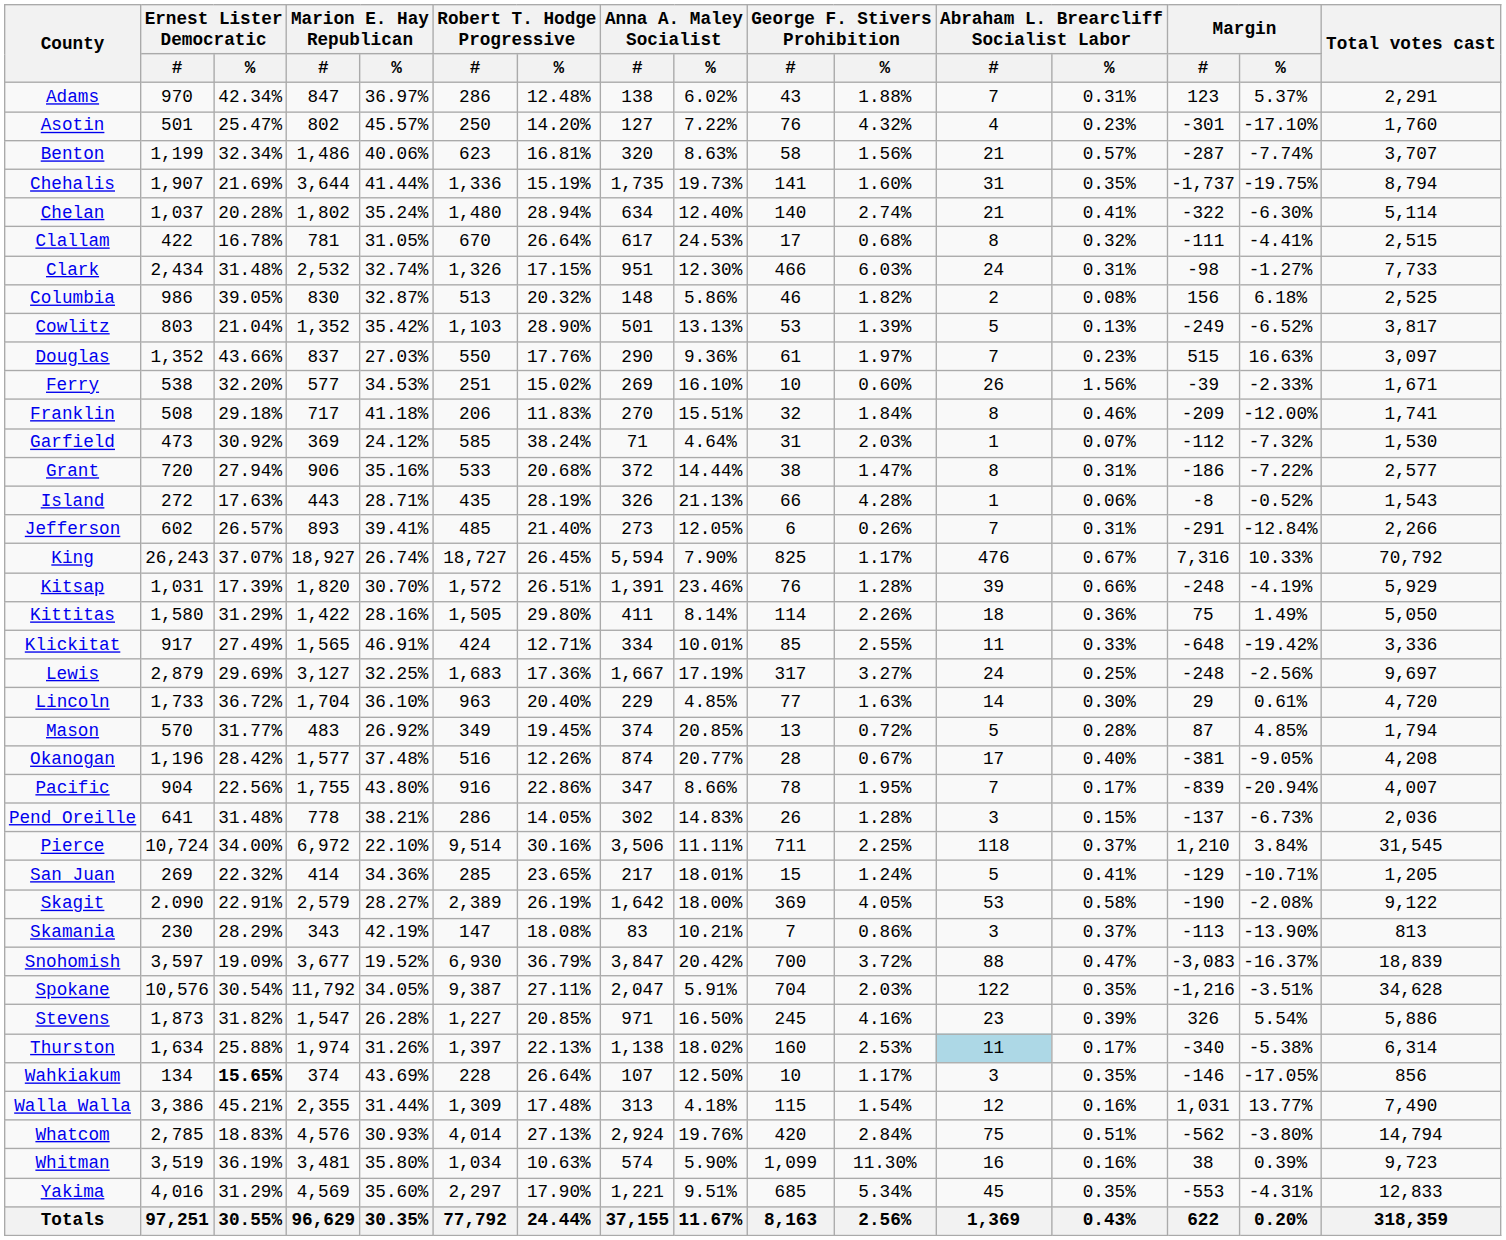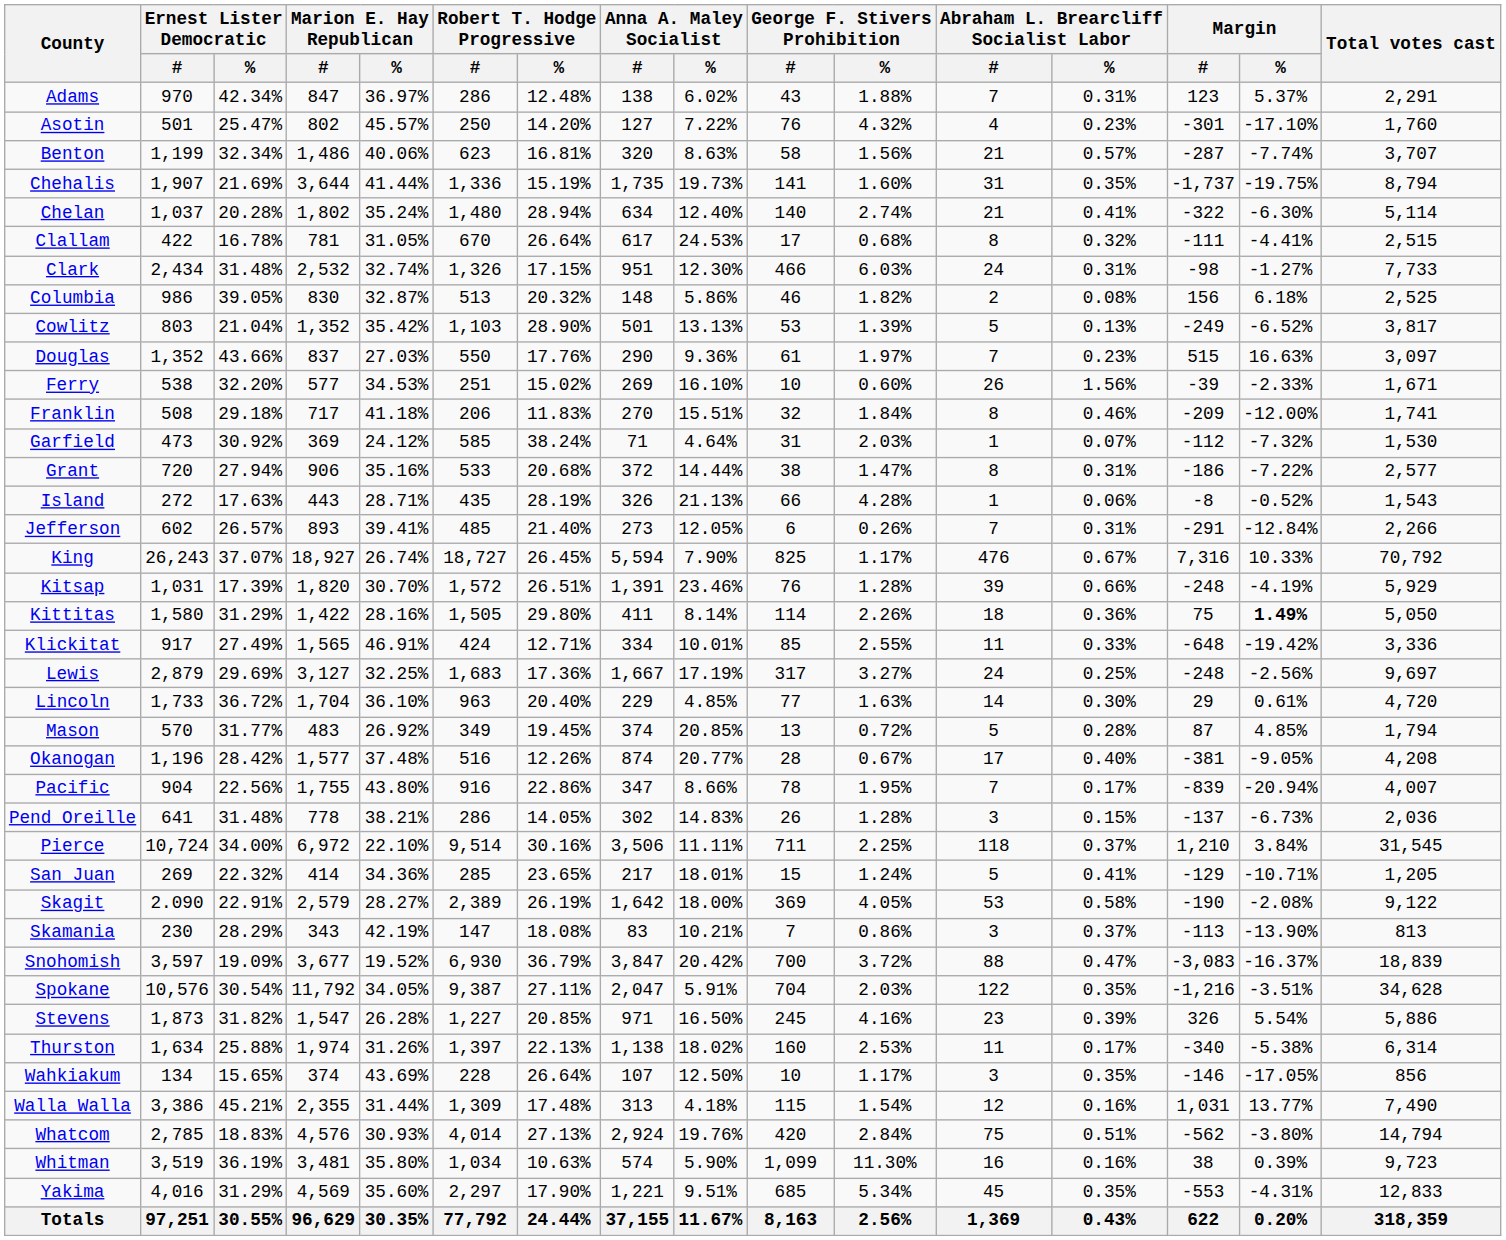 <table class="wikitable sortable">
 <tr>
 <th style="text-align:center;" rowspan="2">County</th>
 <th style="text-align:center;" colspan="2">Ernest Lister<br>Democratic</th>
 <th style="text-align:center;" colspan="2">Marion E. Hay<br>Republican</th>
 <th style="text-align:center;" colspan="2">Robert T. Hodge<br>Progressive</th>
 <th style="text-align:center;" colspan="2">Anna A. Maley<br>Socialist</th>
 <th style="text-align:center;" colspan="2">George F. Stivers<br>Prohibition</th>
 <th style="text-align:center;" colspan="2">Abraham L. Brearcliff<br>Socialist Labor</th>
 <th style="text-align:center;" colspan="2">Margin</th>
 <th style="text-align:center;" rowspan="2">Total votes cast</th>
 </tr>
 <tr bgcolor="lightgrey">
 <th style="text-align:center;" data-sort-type="number">#</th>
 <th style="text-align:center;" data-sort-type="number">%</th>
 <th style="text-align:center;" data-sort-type="number">#</th>
 <th style="text-align:center;" data-sort-type="number">%</th>
 <th style="text-align:center;" data-sort-type="number">#</th>
 <th style="text-align:center;" data-sort-type="number">%</th>
 <th style="text-align:center;" data-sort-type="number">#</th>
 <th style="text-align:center;" data-sort-type="number">%</th>
 <th style="text-align:center;" data-sort-type="number">#</th>
 <th style="text-align:center;" data-sort-type="number">%</th>
 <th style="text-align:center;" data-sort-type="number">#</th>
 <th style="text-align:center;" data-sort-type="number">%</th>
 <th style="text-align:center;" data-sort-type="number">#</th>
 <th style="text-align:center;" data-sort-type="number">%</th>
 </tr>
 <tr style="text-align:center;">
 <td><a href='#'>Adams</a></td>
 <td>970</td>
 <td>42.34%</td>
 <td>847</td>
 <td>36.97%</td>
 <td>286</td>
 <td>12.48%</td>
 <td>138</td>
 <td>6.02%</td>
 <td>43</td>
 <td>1.88%</td>
 <td>7</td>
 <td>0.31%</td>
 <td>123</td>
 <td>5.37%</td>
 <td>2,291</td>
 </tr>
 <tr style="text-align:center;">
 <td><a href='#'>Asotin</a></td>
 <td>501</td>
 <td>25.47%</td>
 <td>802</td>
 <td>45.57%</td>
 <td>250</td>
 <td>14.20%</td>
 <td>127</td>
 <td>7.22%</td>
 <td>76</td>
 <td>4.32%</td>
 <td>4</td>
 <td>0.23%</td>
 <td>-301</td>
 <td>-17.10%</td>
 <td>1,760</td>
 </tr>
 <tr style="text-align:center;">
 <td><a href='#'>Benton</a></td>
 <td>1,199</td>
 <td>32.34%</td>
 <td>1,486</td>
 <td>40.06%</td>
 <td>623</td>
 <td>16.81%</td>
 <td>320</td>
 <td>8.63%</td>
 <td>58</td>
 <td>1.56%</td>
 <td>21</td>
 <td>0.57%</td>
 <td>-287</td>
 <td>-7.74%</td>
 <td>3,707</td>
 </tr>
 <tr style="text-align:center;">
 <td><a href='#'>Chehalis</a></td>
 <td>1,907</td>
 <td>21.69%</td>
 <td>3,644</td>
 <td>41.44%</td>
 <td>1,336</td>
 <td>15.19%</td>
 <td>1,735</td>
 <td>19.73%</td>
 <td>141</td>
 <td>1.60%</td>
 <td>31</td>
 <td>0.35%</td>
 <td>-1,737</td>
 <td>-19.75%</td>
 <td>8,794</td>
 </tr>
 <tr style="text-align:center;">
 <td><a href='#'>Chelan</a></td>
 <td>1,037</td>
 <td>20.28%</td>
 <td>1,802</td>
 <td>35.24%</td>
 <td>1,480</td>
 <td>28.94%</td>
 <td>634</td>
 <td>12.40%</td>
 <td>140</td>
 <td>2.74%</td>
 <td>21</td>
 <td>0.41%</td>
 <td>-322</td>
 <td>-6.30%</td>
 <td>5,114</td>
 </tr>
 <tr style="text-align:center;">
 <td><a href='#'>Clallam</a></td>
 <td>422</td>
 <td>16.78%</td>
 <td>781</td>
 <td>31.05%</td>
 <td>670</td>
 <td>26.64%</td>
 <td>617</td>
 <td>24.53%</td>
 <td>17</td>
 <td>0.68%</td>
 <td>8</td>
 <td>0.32%</td>
 <td>-111</td>
 <td>-4.41%</td>
 <td>2,515</td>
 </tr>
 <tr style="text-align:center;">
 <td><a href='#'>Clark</a></td>
 <td>2,434</td>
 <td>31.48%</td>
 <td>2,532</td>
 <td>32.74%</td>
 <td>1,326</td>
 <td>17.15%</td>
 <td>951</td>
 <td>12.30%</td>
 <td>466</td>
 <td>6.03%</td>
 <td>24</td>
 <td>0.31%</td>
 <td>-98</td>
 <td>-1.27%</td>
 <td>7,733</td>
 </tr>
 <tr style="text-align:center;">
 <td><a href='#'>Columbia</a></td>
 <td>986</td>
 <td>39.05%</td>
 <td>830</td>
 <td>32.87%</td>
 <td>513</td>
 <td>20.32%</td>
 <td>148</td>
 <td>5.86%</td>
 <td>46</td>
 <td>1.82%</td>
 <td>2</td>
 <td>0.08%</td>
 <td>156</td>
 <td>6.18%</td>
 <td>2,525</td>
 </tr>
 <tr style="text-align:center;">
 <td><a href='#'>Cowlitz</a></td>
 <td>803</td>
 <td>21.04%</td>
 <td>1,352</td>
 <td>35.42%</td>
 <td>1,103</td>
 <td>28.90%</td>
 <td>501</td>
 <td>13.13%</td>
 <td>53</td>
 <td>1.39%</td>
 <td>5</td>
 <td>0.13%</td>
 <td>-249</td>
 <td>-6.52%</td>
 <td>3,817</td>
 </tr>
 <tr style="text-align:center;">
 <td><a href='#'>Douglas</a></td>
 <td>1,352</td>
 <td>43.66%</td>
 <td>837</td>
 <td>27.03%</td>
 <td>550</td>
 <td>17.76%</td>
 <td>290</td>
 <td>9.36%</td>
 <td>61</td>
 <td>1.97%</td>
 <td>7</td>
 <td>0.23%</td>
 <td>515</td>
 <td>16.63%</td>
 <td>3,097</td>
 </tr>
 <tr style="text-align:center;">
 <td><a href='#'>Ferry</a></td>
 <td>538</td>
 <td>32.20%</td>
 <td>577</td>
 <td>34.53%</td>
 <td>251</td>
 <td>15.02%</td>
 <td>269</td>
 <td>16.10%</td>
 <td>10</td>
 <td>0.60%</td>
 <td>26</td>
 <td>1.56%</td>
 <td>-39</td>
 <td>-2.33%</td>
 <td>1,671</td>
 </tr>
 <tr style="text-align:center;">
 <td><a href='#'>Franklin</a></td>
 <td>508</td>
 <td>29.18%</td>
 <td>717</td>
 <td>41.18%</td>
 <td>206</td>
 <td>11.83%</td>
 <td>270</td>
 <td>15.51%</td>
 <td>32</td>
 <td>1.84%</td>
 <td>8</td>
 <td>0.46%</td>
 <td>-209</td>
 <td>-12.00%</td>
 <td>1,741</td>
 </tr>
 <tr style="text-align:center;">
 <td><a href='#'>Garfield</a></td>
 <td>473</td>
 <td>30.92%</td>
 <td>369</td>
 <td>24.12%</td>
 <td>585</td>
 <td>38.24%</td>
 <td>71</td>
 <td>4.64%</td>
 <td>31</td>
 <td>2.03%</td>
 <td>1</td>
 <td>0.07%</td>
 <td>-112</td>
 <td>-7.32%</td>
 <td>1,530</td>
 </tr>
 <tr style="text-align:center;">
 <td><a href='#'>Grant</a></td>
 <td>720</td>
 <td>27.94%</td>
 <td>906</td>
 <td>35.16%</td>
 <td>533</td>
 <td>20.68%</td>
 <td>372</td>
 <td>14.44%</td>
 <td>38</td>
 <td>1.47%</td>
 <td>8</td>
 <td>0.31%</td>
 <td>-186</td>
 <td>-7.22%</td>
 <td>2,577</td>
 </tr>
 <tr style="text-align:center;">
 <td><a href='#'>Island</a></td>
 <td>272</td>
 <td>17.63%</td>
 <td>443</td>
 <td>28.71%</td>
 <td>435</td>
 <td>28.19%</td>
 <td>326</td>
 <td>21.13%</td>
 <td>66</td>
 <td>4.28%</td>
 <td>1</td>
 <td>0.06%</td>
 <td>-8</td>
 <td>-0.52%</td>
 <td>1,543</td>
 </tr>
 <tr style="text-align:center;">
 <td><a href='#'>Jefferson</a></td>
 <td>602</td>
 <td>26.57%</td>
 <td>893</td>
 <td>39.41%</td>
 <td>485</td>
 <td>21.40%</td>
 <td>273</td>
 <td>12.05%</td>
 <td>6</td>
 <td>0.26%</td>
 <td>7</td>
 <td>0.31%</td>
 <td>-291</td>
 <td>-12.84%</td>
 <td>2,266</td>
 </tr>
 <tr style="text-align:center;">
 <td><a href='#'>King</a></td>
 <td>26,243</td>
 <td>37.07%</td>
 <td>18,927</td>
 <td>26.74%</td>
 <td>18,727</td>
 <td>26.45%</td>
 <td>5,594</td>
 <td>7.90%</td>
 <td>825</td>
 <td>1.17%</td>
 <td>476</td>
 <td>0.67%</td>
 <td>7,316</td>
 <td>10.33%</td>
 <td>70,792</td>
 </tr>
 <tr style="text-align:center;">
 <td><a href='#'>Kitsap</a></td>
 <td>1,031</td>
 <td>17.39%</td>
 <td>1,820</td>
 <td>30.70%</td>
 <td>1,572</td>
 <td>26.51%</td>
 <td>1,391</td>
 <td>23.46%</td>
 <td>76</td>
 <td>1.28%</td>
 <td>39</td>
 <td>0.66%</td>
 <td>-248</td>
 <td>-4.19%</td>
 <td>5,929</td>
 </tr>
 <tr style="text-align:center;">
 <td><a href='#'>Kittitas</a></td>
 <td>1,580</td>
 <td>31.29%</td>
 <td>1,422</td>
 <td>28.16%</td>
 <td>1,505</td>
 <td>29.80%</td>
 <td>411</td>
 <td>8.14%</td>
 <td>114</td>
 <td>2.26%</td>
 <td>18</td>
 <td>0.36%</td>
 <td>75</td>
-<td>1.49%</td>
+<td><strong>1.49%</strong></td>
 <td>5,050</td>
 </tr>
 <tr style="text-align:center;">
 <td><a href='#'>Klickitat</a></td>
 <td>917</td>
 <td>27.49%</td>
 <td>1,565</td>
 <td>46.91%</td>
 <td>424</td>
 <td>12.71%</td>
 <td>334</td>
 <td>10.01%</td>
 <td>85</td>
 <td>2.55%</td>
 <td>11</td>
 <td>0.33%</td>
 <td>-648</td>
 <td>-19.42%</td>
 <td>3,336</td>
 </tr>
 <tr style="text-align:center;">
 <td><a href='#'>Lewis</a></td>
 <td>2,879</td>
 <td>29.69%</td>
 <td>3,127</td>
 <td>32.25%</td>
 <td>1,683</td>
 <td>17.36%</td>
 <td>1,667</td>
 <td>17.19%</td>
 <td>317</td>
 <td>3.27%</td>
 <td>24</td>
 <td>0.25%</td>
 <td>-248</td>
 <td>-2.56%</td>
 <td>9,697</td>
 </tr>
 <tr style="text-align:center;">
 <td><a href='#'>Lincoln</a></td>
 <td>1,733</td>
 <td>36.72%</td>
 <td>1,704</td>
 <td>36.10%</td>
 <td>963</td>
 <td>20.40%</td>
 <td>229</td>
 <td>4.85%</td>
 <td>77</td>
 <td>1.63%</td>
 <td>14</td>
 <td>0.30%</td>
 <td>29</td>
 <td>0.61%</td>
 <td>4,720</td>
 </tr>
 <tr style="text-align:center;">
 <td><a href='#'>Mason</a></td>
 <td>570</td>
 <td>31.77%</td>
 <td>483</td>
 <td>26.92%</td>
 <td>349</td>
 <td>19.45%</td>
 <td>374</td>
 <td>20.85%</td>
 <td>13</td>
 <td>0.72%</td>
 <td>5</td>
 <td>0.28%</td>
 <td>87</td>
 <td>4.85%</td>
 <td>1,794</td>
 </tr>
 <tr style="text-align:center;">
 <td><a href='#'>Okanogan</a></td>
 <td>1,196</td>
 <td>28.42%</td>
 <td>1,577</td>
 <td>37.48%</td>
 <td>516</td>
 <td>12.26%</td>
 <td>874</td>
 <td>20.77%</td>
 <td>28</td>
 <td>0.67%</td>
 <td>17</td>
 <td>0.40%</td>
 <td>-381</td>
 <td>-9.05%</td>
 <td>4,208</td>
 </tr>
 <tr style="text-align:center;">
 <td><a href='#'>Pacific</a></td>
 <td>904</td>
 <td>22.56%</td>
 <td>1,755</td>
 <td>43.80%</td>
 <td>916</td>
 <td>22.86%</td>
 <td>347</td>
 <td>8.66%</td>
 <td>78</td>
 <td>1.95%</td>
 <td>7</td>
 <td>0.17%</td>
 <td>-839</td>
 <td>-20.94%</td>
 <td>4,007</td>
 </tr>
 <tr style="text-align:center;">
 <td><a href='#'>Pend Oreille</a></td>
 <td>641</td>
 <td>31.48%</td>
 <td>778</td>
 <td>38.21%</td>
 <td>286</td>
 <td>14.05%</td>
 <td>302</td>
 <td>14.83%</td>
 <td>26</td>
 <td>1.28%</td>
 <td>3</td>
 <td>0.15%</td>
 <td>-137</td>
 <td>-6.73%</td>
 <td>2,036</td>
 </tr>
 <tr style="text-align:center;">
 <td><a href='#'>Pierce</a></td>
 <td>10,724</td>
 <td>34.00%</td>
 <td>6,972</td>
 <td>22.10%</td>
 <td>9,514</td>
 <td>30.16%</td>
 <td>3,506</td>
 <td>11.11%</td>
 <td>711</td>
 <td>2.25%</td>
 <td>118</td>
 <td>0.37%</td>
 <td>1,210</td>
 <td>3.84%</td>
 <td>31,545</td>
 </tr>
 <tr style="text-align:center;">
 <td><a href='#'>San Juan</a></td>
 <td>269</td>
 <td>22.32%</td>
 <td>414</td>
 <td>34.36%</td>
 <td>285</td>
 <td>23.65%</td>
 <td>217</td>
 <td>18.01%</td>
 <td>15</td>
 <td>1.24%</td>
 <td>5</td>
 <td>0.41%</td>
 <td>-129</td>
 <td>-10.71%</td>
 <td>1,205</td>
 </tr>
 <tr style="text-align:center;">
 <td><a href='#'>Skagit</a></td>
 <td>2.090</td>
 <td>22.91%</td>
 <td>2,579</td>
 <td>28.27%</td>
 <td>2,389</td>
 <td>26.19%</td>
 <td>1,642</td>
 <td>18.00%</td>
 <td>369</td>
 <td>4.05%</td>
 <td>53</td>
 <td>0.58%</td>
 <td>-190</td>
 <td>-2.08%</td>
 <td>9,122</td>
 </tr>
 <tr style="text-align:center;">
 <td><a href='#'>Skamania</a></td>
 <td>230</td>
 <td>28.29%</td>
 <td>343</td>
 <td>42.19%</td>
 <td>147</td>
 <td>18.08%</td>
 <td>83</td>
 <td>10.21%</td>
 <td>7</td>
 <td>0.86%</td>
 <td>3</td>
 <td>0.37%</td>
 <td>-113</td>
 <td>-13.90%</td>
 <td>813</td>
 </tr>
 <tr style="text-align:center;">
 <td><a href='#'>Snohomish</a></td>
 <td>3,597</td>
 <td>19.09%</td>
 <td>3,677</td>
 <td>19.52%</td>
 <td>6,930</td>
 <td>36.79%</td>
 <td>3,847</td>
 <td>20.42%</td>
 <td>700</td>
 <td>3.72%</td>
 <td>88</td>
 <td>0.47%</td>
 <td>-3,083</td>
 <td>-16.37%</td>
 <td>18,839</td>
 </tr>
 <tr style="text-align:center;">
 <td><a href='#'>Spokane</a></td>
 <td>10,576</td>
 <td>30.54%</td>
 <td>11,792</td>
 <td>34.05%</td>
 <td>9,387</td>
 <td>27.11%</td>
 <td>2,047</td>
 <td>5.91%</td>
 <td>704</td>
 <td>2.03%</td>
 <td>122</td>
 <td>0.35%</td>
 <td>-1,216</td>
 <td>-3.51%</td>
 <td>34,628</td>
 </tr>
 <tr style="text-align:center;">
 <td><a href='#'>Stevens</a></td>
 <td>1,873</td>
 <td>31.82%</td>
 <td>1,547</td>
 <td>26.28%</td>
 <td>1,227</td>
 <td>20.85%</td>
 <td>971</td>
 <td>16.50%</td>
 <td>245</td>
 <td>4.16%</td>
 <td>23</td>
 <td>0.39%</td>
 <td>326</td>
 <td>5.54%</td>
 <td>5,886</td>
 </tr>
 <tr style="text-align:center;">
 <td><a href='#'>Thurston</a></td>
 <td>1,634</td>
 <td>25.88%</td>
 <td>1,974</td>
 <td>31.26%</td>
 <td>1,397</td>
 <td>22.13%</td>
 <td>1,138</td>
 <td>18.02%</td>
 <td>160</td>
 <td>2.53%</td>
-<td style="background: lightblue;">11</td>
+<td>11</td>
 <td>0.17%</td>
 <td>-340</td>
 <td>-5.38%</td>
 <td>6,314</td>
 </tr>
 <tr style="text-align:center;">
 <td><a href='#'>Wahkiakum</a></td>
 <td>134</td>
-<td><strong>15.65%</strong></td>
+<td>15.65%</td>
 <td>374</td>
 <td>43.69%</td>
 <td>228</td>
 <td>26.64%</td>
 <td>107</td>
 <td>12.50%</td>
 <td>10</td>
 <td>1.17%</td>
 <td>3</td>
 <td>0.35%</td>
 <td>-146</td>
 <td>-17.05%</td>
 <td>856</td>
 </tr>
 <tr style="text-align:center;">
 <td><a href='#'>Walla Walla</a></td>
 <td>3,386</td>
 <td>45.21%</td>
 <td>2,355</td>
 <td>31.44%</td>
 <td>1,309</td>
 <td>17.48%</td>
 <td>313</td>
 <td>4.18%</td>
 <td>115</td>
 <td>1.54%</td>
 <td>12</td>
 <td>0.16%</td>
 <td>1,031</td>
 <td>13.77%</td>
 <td>7,490</td>
 </tr>
 <tr style="text-align:center;">
 <td><a href='#'>Whatcom</a></td>
 <td>2,785</td>
 <td>18.83%</td>
 <td>4,576</td>
 <td>30.93%</td>
 <td>4,014</td>
 <td>27.13%</td>
 <td>2,924</td>
 <td>19.76%</td>
 <td>420</td>
 <td>2.84%</td>
 <td>75</td>
 <td>0.51%</td>
 <td>-562</td>
 <td>-3.80%</td>
 <td>14,794</td>
 </tr>
 <tr style="text-align:center;">
 <td><a href='#'>Whitman</a></td>
 <td>3,519</td>
 <td>36.19%</td>
 <td>3,481</td>
 <td>35.80%</td>
 <td>1,034</td>
 <td>10.63%</td>
 <td>574</td>
 <td>5.90%</td>
 <td>1,099</td>
 <td>11.30%</td>
 <td>16</td>
 <td>0.16%</td>
 <td>38</td>
 <td>0.39%</td>
 <td>9,723</td>
 </tr>
 <tr style="text-align:center;">
 <td><a href='#'>Yakima</a></td>
 <td>4,016</td>
 <td>31.29%</td>
 <td>4,569</td>
 <td>35.60%</td>
 <td>2,297</td>
 <td>17.90%</td>
 <td>1,221</td>
 <td>9.51%</td>
 <td>685</td>
 <td>5.34%</td>
 <td>45</td>
 <td>0.35%</td>
 <td>-553</td>
 <td>-4.31%</td>
 <td>12,833</td>
 </tr>
 <tr>
 <th>Totals</th>
 <th>97,251</th>
 <th>30.55%</th>
 <th>96,629</th>
 <th>30.35%</th>
 <th>77,792</th>
 <th>24.44%</th>
 <th>37,155</th>
 <th>11.67%</th>
 <th>8,163</th>
 <th>2.56%</th>
 <th>1,369</th>
 <th>0.43%</th>
 <th>622</th>
 <th>0.20%</th>
 <th>318,359</th>
 </tr>
 </table>
